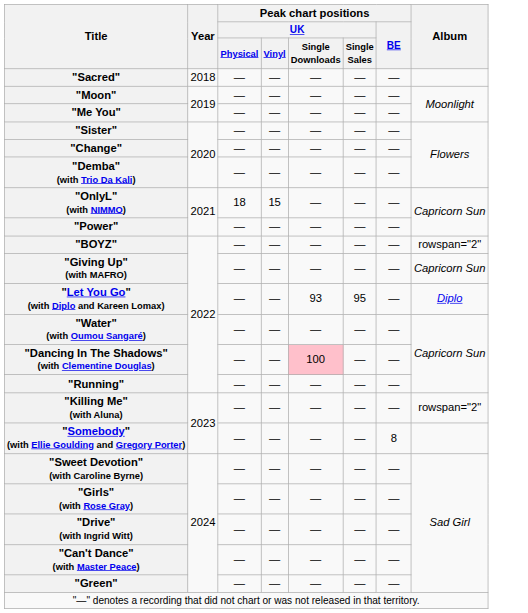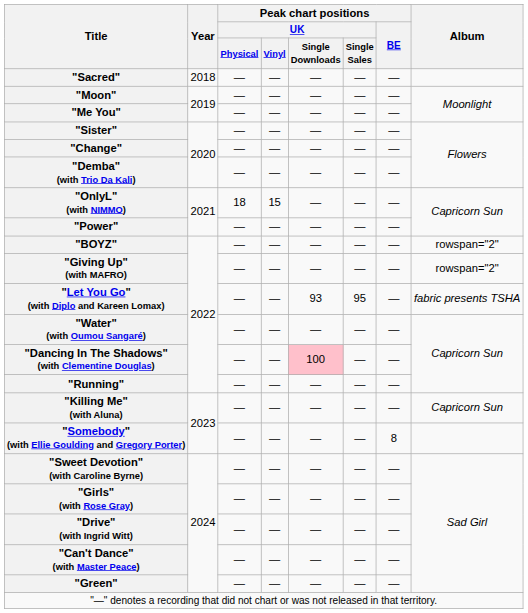 <table class="wikitable plainrowheaders" style="text-align:center;">
 <tr>
 <th rowspan="3" scope="col">Title</th>
 <th rowspan="3" scope="col">Year</th>
 <th colspan="5" scope="col">Peak chart positions</th>
 <th rowspan="3">Album</th>
 </tr>
 <tr>
 <th colspan="4" scope="col" style="width:3em;font-size:90%;"><a href='#'>UK</a><br></th>
 <th rowspan="2" scope="col" style="width:3em;font-size:90%;"><a href='#'>BE</a><br></th>
 </tr>
 <tr>
 <th><a href='#'><small>Physical</small></a></th>
 <th><a href='#'><small>Vinyl</small></a></th>
 <th><small>Single</small><br><small>Downloads</small></th>
 <th><small>Single</small><br><small>Sales</small></th>
 </tr>
 <tr>
 <th scope="row">"Sacred"</th>
 <td>2018</td>
 <td>—</td>
 <td>—</td>
 <td>—</td>
 <td>—</td>
 <td>—</td>
 <td></td>
 </tr>
 <tr>
 <th scope="row">"Moon"</th>
 <td rowspan="2">2019</td>
 <td>—</td>
 <td>—</td>
 <td>—</td>
 <td>—</td>
 <td>—</td>
 <td rowspan="2"><em>Moonlight</em></td>
 </tr>
 <tr>
 <th scope="row">"Me You"</th>
 <td>—</td>
 <td>—</td>
 <td>—</td>
 <td>—</td>
 <td>—</td>
 </tr>
 <tr>
 <th scope="row">"Sister"</th>
 <td rowspan="3">2020</td>
 <td>—</td>
 <td>—</td>
 <td>—</td>
 <td>—</td>
 <td>—</td>
 <td rowspan="3"><em>Flowers</em></td>
 </tr>
 <tr>
 <th scope="row">"Change"<br></th>
 <td>—</td>
 <td>—</td>
 <td>—</td>
 <td>—</td>
 <td>—</td>
 </tr>
 <tr>
 <th scope="row">"Demba"<br><small>(with <a href='#'>Trio Da Kali</a>)</small></th>
 <td>—</td>
 <td>—</td>
 <td>—</td>
 <td>—</td>
 <td>—</td>
 </tr>
 <tr>
 <th scope="row">"OnlyL"<br><small>(with <a href='#'>NIMMO</a>)</small></th>
 <td rowspan="2">2021</td>
 <td>18</td>
 <td>15</td>
 <td>—</td>
 <td>—</td>
 <td>—</td>
 <td rowspan="2"><em>Capricorn Sun</em></td>
 </tr>
 <tr>
 <th scope="row">"Power"</th>
 <td>—</td>
 <td>—</td>
 <td>—</td>
 <td>—</td>
 <td>—</td>
 </tr>
 <tr>
 <th scope="row">"BOYZ"</th>
 <td rowspan="6">2022</td>
 <td>—</td>
 <td>—</td>
 <td>—</td>
 <td>—</td>
 <td>—</td>
 <td>rowspan="2" </td>
 </tr>
 <tr>
 <th scope="row">"Giving Up"<br><small>(with MAFRO)</small></th>
 <td>—</td>
 <td>—</td>
 <td>—</td>
 <td>—</td>
 <td>—</td>
-<td><em>Capricorn Sun</em></td>
+<td>rowspan="2" </td>
 </tr>
 <tr>
 <th scope="row">"<a href='#'>Let You Go</a>"<br><small>(with <a href='#'>Diplo</a> and Kareen Lomax)</small></th>
 <td>—</td>
 <td>—</td>
 <td>93</td>
 <td>95</td>
 <td>—</td>
-<td><em><a href='#'>Diplo</a></em></td>
+<td><em>fabric presents TSHA</em></td>
 </tr>
 <tr>
 <th scope="row">"Water"<br><small>(with <a href='#'>Oumou Sangaré</a>)</small></th>
 <td>—</td>
 <td>—</td>
 <td>—</td>
 <td>—</td>
 <td>—</td>
 <td rowspan="3"><em>Capricorn Sun</em></td>
 </tr>
 <tr>
 <th scope="row">"Dancing In The Shadows"<br><small>(with <a href='#'>Clementine Douglas</a>)</small></th>
 <td>—</td>
 <td>—</td>
 <td style="background: pink;">100</td>
 <td>—</td>
 <td>—</td>
 </tr>
 <tr>
 <th scope="row">"Running"</th>
 <td>—</td>
 <td>—</td>
 <td>—</td>
 <td>—</td>
 <td>—</td>
 </tr>
 <tr>
 <th scope="row">"Killing Me"<br><small>(with Aluna)</small></th>
 <td rowspan="2">2023</td>
 <td>—</td>
 <td>—</td>
 <td>—</td>
 <td>—</td>
 <td>—</td>
-<td>rowspan="2" </td>
+<td><em>Capricorn Sun</em></td>
 </tr>
 <tr>
 <th scope="row">"<a href='#'>Somebody</a>"<br><small>(with <a href='#'>Ellie Goulding</a> and <a href='#'>Gregory Porter</a>)</small></th>
 <td>—</td>
 <td>—</td>
 <td>—</td>
 <td>—</td>
 <td>8</td>
 </tr>
 <tr>
 <th scope="row">"Sweet Devotion"<br><small>(with Caroline Byrne)</small></th>
 <td rowspan="5">2024</td>
 <td>—</td>
 <td>—</td>
 <td>—</td>
 <td>—</td>
 <td>—</td>
 <td rowspan="5"><em>Sad Girl</em></td>
 </tr>
 <tr>
 <th scope="row">"Girls"<br><small>(with <a href='#'>Rose Gray</a>)</small></th>
 <td>—</td>
 <td>—</td>
 <td>—</td>
 <td>—</td>
 <td>—</td>
 </tr>
 <tr>
 <th scope="row">"Drive"<br><small>(with Ingrid Witt)</small></th>
 <td>—</td>
 <td>—</td>
 <td>—</td>
 <td>—</td>
 <td>—</td>
 </tr>
 <tr>
 <th scope="row">"Can't Dance"<br><small>(with <a href='#'>Master Peace</a>)</small></th>
 <td>—</td>
 <td>—</td>
 <td>—</td>
 <td>—</td>
 <td>—</td>
 </tr>
 <tr>
 <th scope="row">"Green"</th>
 <td>—</td>
 <td>—</td>
 <td>—</td>
 <td>—</td>
 <td>—</td>
 </tr>
 <tr>
 <td colspan="8" style="font-size:90%">"—" denotes a recording that did not chart or was not released in that territory.</td>
 </tr>
 </table>
